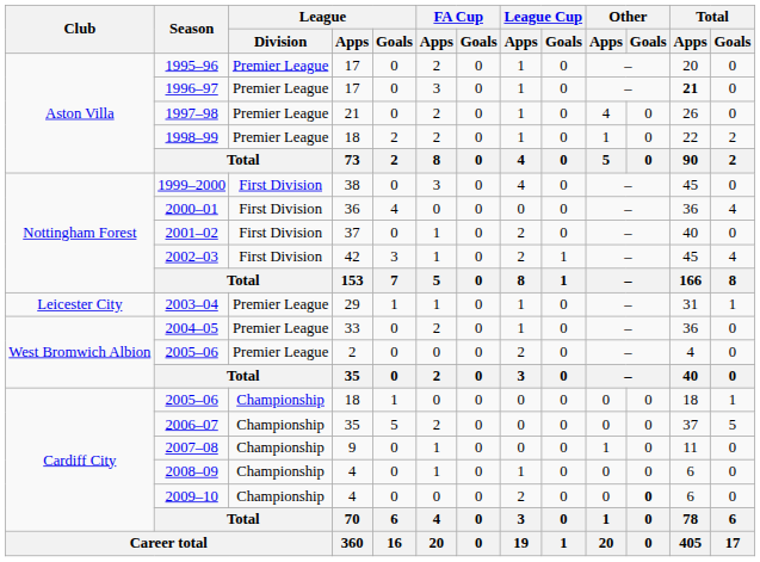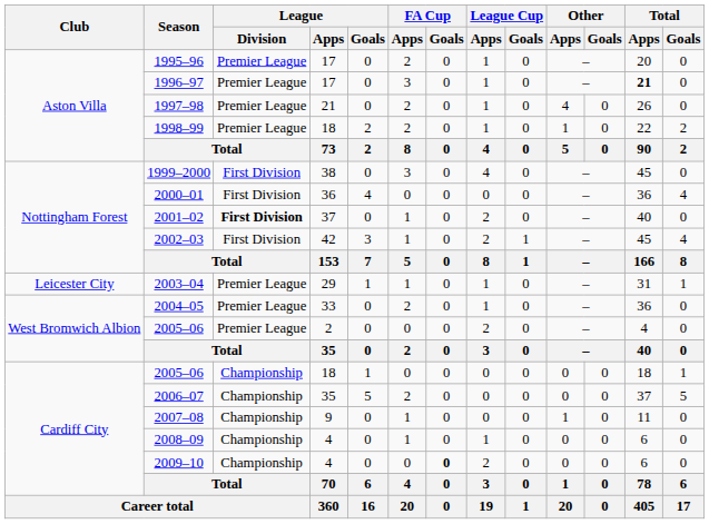 <table class=wikitable style=text-align:center>
 <tr>
 <th rowspan=2>Club</th>
 <th rowspan=2>Season</th>
 <th colspan=3>League</th>
 <th colspan=2><a href='#'>FA Cup</a></th>
 <th colspan=2><a href='#'>League Cup</a></th>
 <th colspan=2>Other</th>
 <th colspan=2>Total</th>
 </tr>
 <tr>
 <th>Division</th>
 <th>Apps</th>
 <th>Goals</th>
 <th>Apps</th>
 <th>Goals</th>
 <th>Apps</th>
 <th>Goals</th>
 <th>Apps</th>
 <th>Goals</th>
 <th>Apps</th>
 <th>Goals</th>
 </tr>
 <tr>
 <td rowspan="5"><a href='#'>Aston Villa</a></td>
 <td><a href='#'>1995–96</a></td>
 <td><a href='#'>Premier League</a></td>
 <td>17</td>
 <td>0</td>
 <td>2</td>
 <td>0</td>
 <td>1</td>
 <td>0</td>
 <td colspan="2">–</td>
 <td>20</td>
 <td>0</td>
 </tr>
 <tr>
 <td><a href='#'>1996–97</a></td>
 <td>Premier League</td>
 <td>17</td>
 <td>0</td>
 <td>3</td>
 <td>0</td>
 <td>1</td>
 <td>0</td>
 <td colspan="2">–</td>
 <td><strong>21</strong></td>
 <td>0</td>
 </tr>
 <tr>
 <td><a href='#'>1997–98</a></td>
 <td>Premier League</td>
 <td>21</td>
 <td>0</td>
 <td>2</td>
 <td>0</td>
 <td>1</td>
 <td>0</td>
 <td>4</td>
 <td>0</td>
 <td>26</td>
 <td>0</td>
 </tr>
 <tr>
 <td><a href='#'>1998–99</a></td>
 <td>Premier League</td>
 <td>18</td>
 <td>2</td>
 <td>2</td>
 <td>0</td>
 <td>1</td>
 <td>0</td>
 <td>1</td>
 <td>0</td>
 <td>22</td>
 <td>2</td>
 </tr>
 <tr>
 <th colspan="2">Total</th>
 <th>73</th>
 <th>2</th>
 <th>8</th>
 <th>0</th>
 <th>4</th>
 <th>0</th>
 <th>5</th>
 <th>0</th>
 <th>90</th>
 <th>2</th>
 </tr>
 <tr>
 <td rowspan="5"><a href='#'>Nottingham Forest</a></td>
 <td><a href='#'>1999–2000</a></td>
 <td><a href='#'>First Division</a></td>
 <td>38</td>
 <td>0</td>
 <td>3</td>
 <td>0</td>
 <td>4</td>
 <td>0</td>
 <td colspan="2">–</td>
 <td>45</td>
 <td>0</td>
 </tr>
 <tr>
 <td><a href='#'>2000–01</a></td>
 <td>First Division</td>
 <td>36</td>
 <td>4</td>
 <td>0</td>
 <td>0</td>
 <td>0</td>
 <td>0</td>
 <td colspan="2">–</td>
 <td>36</td>
 <td>4</td>
 </tr>
 <tr>
 <td><a href='#'>2001–02</a></td>
-<td>First Division</td>
+<td><strong>First Division</strong></td>
 <td>37</td>
 <td>0</td>
 <td>1</td>
 <td>0</td>
 <td>2</td>
 <td>0</td>
 <td colspan="2">–</td>
 <td>40</td>
 <td>0</td>
 </tr>
 <tr>
 <td><a href='#'>2002–03</a></td>
 <td>First Division</td>
 <td>42</td>
 <td>3</td>
 <td>1</td>
 <td>0</td>
 <td>2</td>
 <td>1</td>
 <td colspan="2">–</td>
 <td>45</td>
 <td>4</td>
 </tr>
 <tr>
 <th colspan="2">Total</th>
 <th>153</th>
 <th>7</th>
 <th>5</th>
 <th>0</th>
 <th>8</th>
 <th>1</th>
 <th colspan="2">–</th>
 <th>166</th>
 <th>8</th>
 </tr>
 <tr>
 <td><a href='#'>Leicester City</a></td>
 <td><a href='#'>2003–04</a></td>
 <td>Premier League</td>
 <td>29</td>
 <td>1</td>
 <td>1</td>
 <td>0</td>
 <td>1</td>
 <td>0</td>
 <td colspan="2">–</td>
 <td>31</td>
 <td>1</td>
 </tr>
 <tr>
 <td rowspan="3"><a href='#'>West Bromwich Albion</a></td>
 <td><a href='#'>2004–05</a></td>
 <td>Premier League</td>
 <td>33</td>
 <td>0</td>
 <td>2</td>
 <td>0</td>
 <td>1</td>
 <td>0</td>
 <td colspan="2">–</td>
 <td>36</td>
 <td>0</td>
 </tr>
 <tr>
 <td><a href='#'>2005–06</a></td>
 <td>Premier League</td>
 <td>2</td>
 <td>0</td>
 <td>0</td>
 <td>0</td>
 <td>2</td>
 <td>0</td>
 <td colspan="2">–</td>
 <td>4</td>
 <td>0</td>
 </tr>
 <tr>
 <th colspan=2>Total</th>
 <th>35</th>
 <th>0</th>
 <th>2</th>
 <th>0</th>
 <th>3</th>
 <th>0</th>
 <th colspan="2">–</th>
 <th>40</th>
 <th>0</th>
 </tr>
 <tr>
 <td rowspan="6"><a href='#'>Cardiff City</a></td>
 <td><a href='#'>2005–06</a></td>
 <td><a href='#'>Championship</a></td>
 <td>18</td>
 <td>1</td>
 <td>0</td>
 <td>0</td>
 <td>0</td>
 <td>0</td>
 <td>0</td>
 <td>0</td>
 <td>18</td>
 <td>1</td>
 </tr>
 <tr>
 <td><a href='#'>2006–07</a></td>
 <td>Championship</td>
 <td>35</td>
 <td>5</td>
 <td>2</td>
 <td>0</td>
 <td>0</td>
 <td>0</td>
 <td>0</td>
 <td>0</td>
 <td>37</td>
 <td>5</td>
 </tr>
 <tr>
 <td><a href='#'>2007–08</a></td>
 <td>Championship</td>
 <td>9</td>
 <td>0</td>
 <td>1</td>
 <td>0</td>
 <td>0</td>
 <td>0</td>
 <td>1</td>
 <td>0</td>
 <td>11</td>
 <td>0</td>
 </tr>
 <tr>
 <td><a href='#'>2008–09</a></td>
 <td>Championship</td>
 <td>4</td>
 <td>0</td>
 <td>1</td>
 <td>0</td>
 <td>1</td>
 <td>0</td>
 <td>0</td>
 <td>0</td>
 <td>6</td>
 <td>0</td>
 </tr>
 <tr>
 <td><a href='#'>2009–10</a></td>
 <td>Championship</td>
 <td>4</td>
 <td>0</td>
 <td>0</td>
-<td>0</td>
+<td><strong>0</strong></td>
 <td>2</td>
 <td>0</td>
 <td>0</td>
-<td><strong>0</strong></td>
+<td>0</td>
 <td>6</td>
 <td>0</td>
 </tr>
 <tr>
 <th colspan="2">Total</th>
 <th>70</th>
 <th>6</th>
 <th>4</th>
 <th>0</th>
 <th>3</th>
 <th>0</th>
 <th>1</th>
 <th>0</th>
 <th>78</th>
 <th>6</th>
 </tr>
 <tr>
 <th colspan="3">Career total</th>
 <th>360</th>
 <th>16</th>
 <th>20</th>
 <th>0</th>
 <th>19</th>
 <th>1</th>
 <th>20</th>
 <th>0</th>
 <th>405</th>
 <th>17</th>
 </tr>
 </table>
